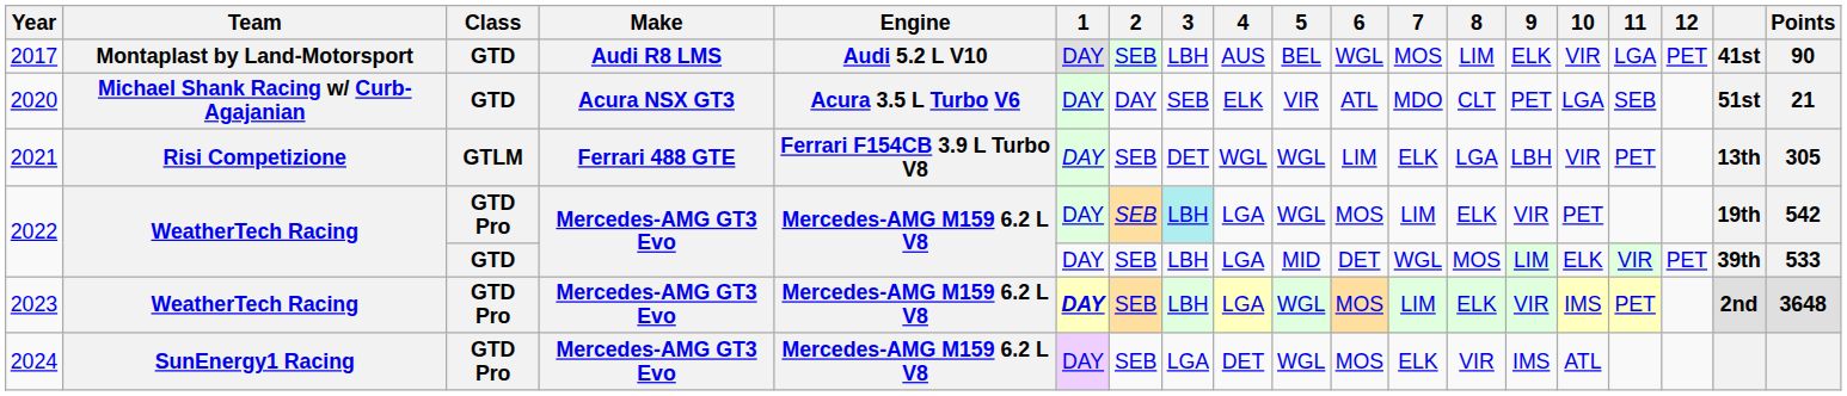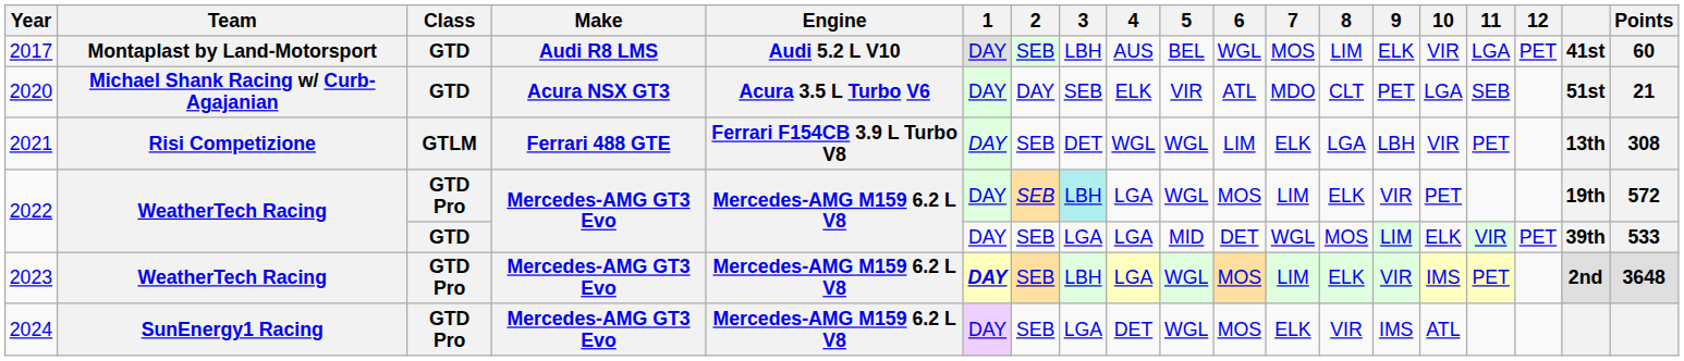 <table class="wikitable" style="text-align:center; font-size:90%">
 <tr>
 <th>Year</th>
 <th>Team</th>
 <th>Class</th>
 <th>Make</th>
 <th>Engine</th>
 <th>1</th>
 <th>2</th>
 <th>3</th>
 <th>4</th>
 <th>5</th>
 <th>6</th>
 <th>7</th>
 <th>8</th>
 <th>9</th>
 <th>10</th>
 <th>11</th>
 <th>12</th>
 <th></th>
 <th>Points</th>
 </tr>
 <tr>
 <td><a href='#'>2017</a></td>
 <th>Montaplast by Land-Motorsport</th>
 <th>GTD</th>
 <th><a href='#'>Audi R8 LMS</a></th>
 <th><a href='#'>Audi</a> 5.2 L V10</th>
 <td style="background:#DFDFDF;"><a href='#'>DAY</a><br></td>
 <td style="background:#DFFFDF;"><a href='#'>SEB</a><br></td>
 <td style="background:#;"><a href='#'>LBH</a><br></td>
 <td style="background:#;"><a href='#'>AUS</a><br></td>
 <td style="background:#;"><a href='#'>BEL</a><br></td>
 <td style="background:#;"><a href='#'>WGL</a><br></td>
 <td style="background:#;"><a href='#'>MOS</a><br></td>
 <td style="background:#;"><a href='#'>LIM</a><br></td>
 <td style="background:#;"><a href='#'>ELK</a><br></td>
 <td style="background:#;"><a href='#'>VIR</a><br></td>
 <td style="background:#;"><a href='#'>LGA</a><br></td>
 <td style="background:#;"><a href='#'>PET</a><br></td>
 <th>41st</th>
-<th>90</th>
+<th>60</th>
 </tr>
 <tr>
 <td><a href='#'>2020</a></td>
 <th><a href='#'>Michael Shank Racing</a> w/ <a href='#'>Curb-Agajanian</a></th>
 <th>GTD</th>
 <th><a href='#'>Acura NSX GT3</a></th>
 <th><a href='#'>Acura</a> 3.5 L <a href='#'>Turbo</a> <a href='#'>V6</a></th>
 <td style="background:#DFFFDF;"><a href='#'>DAY</a><br></td>
 <td style="background:#;"><a href='#'>DAY</a><br></td>
 <td style="background:#;"><a href='#'>SEB</a><br></td>
 <td style="background:#;"><a href='#'>ELK</a><br></td>
 <td style="background:#;"><a href='#'>VIR</a><br></td>
 <td style="background:#;"><a href='#'>ATL</a><br></td>
 <td style="background:#;"><a href='#'>MDO</a><br></td>
 <td style="background:#;"><a href='#'>CLT</a><br></td>
 <td style="background:#;"><a href='#'>PET</a><br></td>
 <td style="background:#;"><a href='#'>LGA</a><br></td>
 <td style="background:#;"><a href='#'>SEB</a><br></td>
 <td></td>
 <th>51st</th>
 <th>21</th>
 </tr>
 <tr>
 <td><a href='#'>2021</a></td>
 <th><a href='#'>Risi Competizione</a></th>
 <th>GTLM</th>
 <th><a href='#'>Ferrari 488 GTE</a></th>
 <th><a href='#'>Ferrari F154CB</a> 3.9 L Turbo V8</th>
 <td style="background:#DFFFDF;"><em><a href='#'>DAY</a></em><br></td>
 <td style="background:#;"><a href='#'>SEB</a><br></td>
 <td style="background:#;"><a href='#'>DET</a><br></td>
 <td style="background:#;"><a href='#'>WGL</a><br></td>
 <td style="background:#;"><a href='#'>WGL</a><br></td>
 <td style="background:#;"><a href='#'>LIM</a><br></td>
 <td style="background:#;"><a href='#'>ELK</a><br></td>
 <td style="background:#;"><a href='#'>LGA</a><br></td>
 <td style="background:#;"><a href='#'>LBH</a><br></td>
 <td style="background:#;"><a href='#'>VIR</a><br></td>
 <td style="background:#;"><a href='#'>PET</a><br></td>
 <td></td>
 <th>13th</th>
-<th>305</th>
+<th>308</th>
 </tr>
 <tr>
 <td rowspan=2><a href='#'>2022</a></td>
 <th rowspan=2><a href='#'>WeatherTech Racing</a></th>
 <th>GTD Pro</th>
 <th rowspan=2><a href='#'>Mercedes-AMG GT3 Evo</a></th>
 <th rowspan=2><a href='#'>Mercedes-AMG M159</a> 6.2 L <a href='#'>V8</a></th>
 <td style="background:#DFFFDF;"><a href='#'>DAY</a><br></td>
 <td style="background:#FFDF9F;"><em><a href='#'>SEB</a></em><br></td>
 <td style="background: paleturquoise;"><a href='#'>LBH</a></td>
 <td><a href='#'>LGA</a></td>
 <td><a href='#'>WGL</a></td>
 <td style="background:"><a href='#'>MOS</a><br></td>
 <td style="background:"><a href='#'>LIM</a><br></td>
 <td style="background:#;”"><a href='#'>ELK</a><br></td>
 <td style="background:#;”"><a href='#'>VIR</a><br></td>
 <td style="background:"><a href='#'>PET</a><br></td>
 <td></td>
 <td></td>
 <th>19th</th>
-<th>542</th>
+<th>572</th>
 </tr>
 <tr>
 <th>GTD</th>
 <td><a href='#'>DAY</a></td>
 <td><a href='#'>SEB</a></td>
-<td><a href='#'>LBH</a></td>
+<td><a href='#'>LGA</a></td>
 <td><a href='#'>LGA</a><br></td>
 <td><a href='#'>MID</a></td>
 <td><a href='#'>DET</a></td>
 <td><a href='#'>WGL</a><br></td>
 <td style="background:"><a href='#'>MOS</a><br></td>
 <td style="background:#DFFFDF;"><a href='#'>LIM</a><br></td>
 <td><a href='#'>ELK</a><br></td>
 <td style="background:#DFFFDF;"><a href='#'>VIR</a><br></td>
 <td><a href='#'>PET</a><br></td>
 <th>39th</th>
 <th>533</th>
 </tr>
 <tr>
 <td><a href='#'>2023</a></td>
 <th><a href='#'>WeatherTech Racing</a></th>
 <th>GTD Pro</th>
 <th><a href='#'>Mercedes-AMG GT3 Evo</a></th>
 <th><a href='#'>Mercedes-AMG M159</a> 6.2 L <a href='#'>V8</a></th>
 <td style="background:#FFFFBF;"><strong><em><a href='#'>DAY</a></em></strong><br></td>
 <td style="background:#FFDF9F;"><a href='#'>SEB</a><br></td>
 <td style="background:#DFFFDF;"><a href='#'>LBH</a><br></td>
 <td style="background:#FFFFBF;"><a href='#'>LGA</a><br></td>
 <td style="background:#DFFFDF;"><a href='#'>WGL</a><br></td>
 <td style="background:#FFDF9F;"><a href='#'>MOS</a><br></td>
 <td style="background:#DFFFDF;"><a href='#'>LIM</a><br></td>
 <td style="background:#DFFFDF;"><a href='#'>ELK</a><br></td>
 <td style="background:#DFFFDF;"><a href='#'>VIR</a><br></td>
 <td style="background:#FFFFBF;"><a href='#'>IMS</a><br></td>
 <td style="background:#FFFFBF;"><a href='#'>PET</a><br></td>
 <td></td>
 <th style="background:#DFDFDF;">2nd</th>
 <th style="background:#DFDFDF;">3648</th>
 </tr>
 <tr>
 <td><a href='#'>2024</a></td>
 <th><a href='#'>SunEnergy1 Racing</a></th>
 <th>GTD Pro</th>
 <th><a href='#'>Mercedes-AMG GT3 Evo</a></th>
 <th><a href='#'>Mercedes-AMG M159</a> 6.2 L <a href='#'>V8</a></th>
 <td style="background:#EFCFFF;"><a href='#'>DAY</a><br></td>
 <td><a href='#'>SEB</a></td>
 <td><a href='#'>LGA</a></td>
 <td><a href='#'>DET</a></td>
 <td><a href='#'>WGL</a></td>
 <td><a href='#'>MOS</a></td>
 <td><a href='#'>ELK</a></td>
 <td><a href='#'>VIR</a></td>
 <td><a href='#'>IMS</a></td>
 <td><a href='#'>ATL</a></td>
 <td></td>
 <td></td>
 <th></th>
 <th></th>
 </tr>
 </table>
